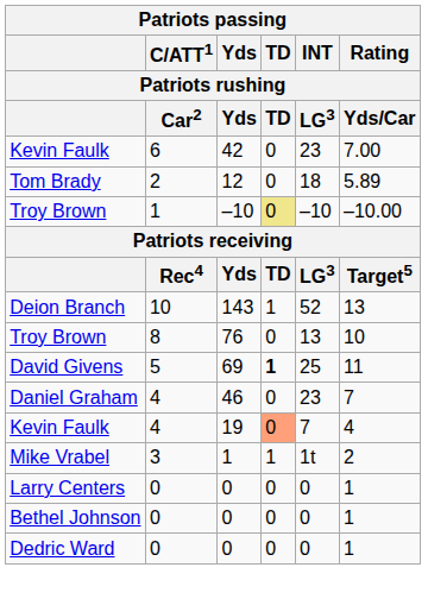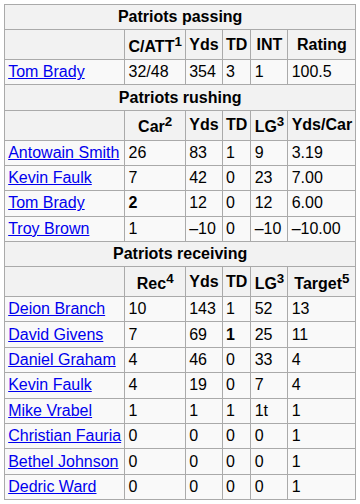 <table class="wikitable">
 <tr>
 <th colspan="6">Patriots passing</th>
 </tr>
 <tr>
 <th></th>
 <th>C/ATT<sup>1</sup></th>
 <th>Yds</th>
 <th>TD</th>
 <th>INT</th>
 <th>Rating</th>
 </tr>
 <tr>
+<td><a href='#'>Tom Brady</a></td>
+<td>32/48</td>
+<td>354</td>
+<td>3</td>
+<td>1</td>
+<td>100.5</td>
+</tr>
+<tr>
 <th colspan="6">Patriots rushing</th>
 </tr>
 <tr>
 <th></th>
 <th>Car<sup>2</sup></th>
 <th>Yds</th>
 <th>TD</th>
 <th>LG<sup>3</sup></th>
 <th>Yds/Car</th>
 </tr>
 <tr>
+<td><a href='#'>Antowain Smith</a></td>
+<td>26</td>
+<td>83</td>
+<td>1</td>
+<td>9</td>
+<td>3.19</td>
+</tr>
+<tr>
 <td><a href='#'>Kevin Faulk</a></td>
-<td>6</td>
+<td>7</td>
 <td>42</td>
 <td>0</td>
 <td>23</td>
 <td>7.00</td>
 </tr>
 <tr>
 <td><a href='#'>Tom Brady</a></td>
-<td>2</td>
+<td><strong>2</strong></td>
 <td>12</td>
 <td>0</td>
-<td>18</td>
-<td>5.89</td>
+<td>12</td>
+<td>6.00</td>
 </tr>
 <tr>
 <td><a href='#'>Troy Brown</a></td>
 <td>1</td>
 <td>–10</td>
-<td style="background: khaki;">0</td>
+<td>0</td>
 <td>–10</td>
 <td>–10.00</td>
 </tr>
 <tr>
 <th colspan="6">Patriots receiving</th>
 </tr>
 <tr>
 <th></th>
 <th>Rec<sup>4</sup></th>
 <th>Yds</th>
 <th>TD</th>
 <th>LG<sup>3</sup></th>
 <th>Target<sup>5</sup></th>
 </tr>
 <tr>
 <td><a href='#'>Deion Branch</a></td>
 <td>10</td>
 <td>143</td>
 <td>1</td>
 <td>52</td>
 <td>13</td>
 </tr>
 <tr>
-<td><a href='#'>Troy Brown</a></td>
-<td>8</td>
-<td>76</td>
-<td>0</td>
-<td>13</td>
-<td>10</td>
-</tr>
-<tr>
 <td><a href='#'>David Givens</a></td>
-<td>5</td>
+<td>7</td>
 <td>69</td>
 <td><strong>1</strong></td>
 <td>25</td>
 <td>11</td>
 </tr>
 <tr>
 <td><a href='#'>Daniel Graham</a></td>
 <td>4</td>
 <td>46</td>
 <td>0</td>
-<td>23</td>
-<td>7</td>
+<td>33</td>
+<td>4</td>
 </tr>
 <tr>
 <td><a href='#'>Kevin Faulk</a></td>
 <td>4</td>
 <td>19</td>
-<td style="background: lightsalmon;">0</td>
+<td>0</td>
 <td>7</td>
 <td>4</td>
 </tr>
 <tr>
 <td><a href='#'>Mike Vrabel</a></td>
-<td>3</td>
+<td>1</td>
 <td>1</td>
 <td>1</td>
 <td>1t</td>
-<td>2</td>
+<td>1</td>
 </tr>
 <tr>
-<td><a href='#'>Larry Centers</a></td>
+<td><a href='#'>Christian Fauria</a></td>
 <td>0</td>
 <td>0</td>
 <td>0</td>
 <td>0</td>
 <td>1</td>
 </tr>
 <tr>
 <td><a href='#'>Bethel Johnson</a></td>
 <td>0</td>
 <td>0</td>
 <td>0</td>
 <td>0</td>
 <td>1</td>
 </tr>
 <tr>
 <td><a href='#'>Dedric Ward</a></td>
 <td>0</td>
 <td>0</td>
 <td>0</td>
 <td>0</td>
 <td>1</td>
 </tr>
 </table>
